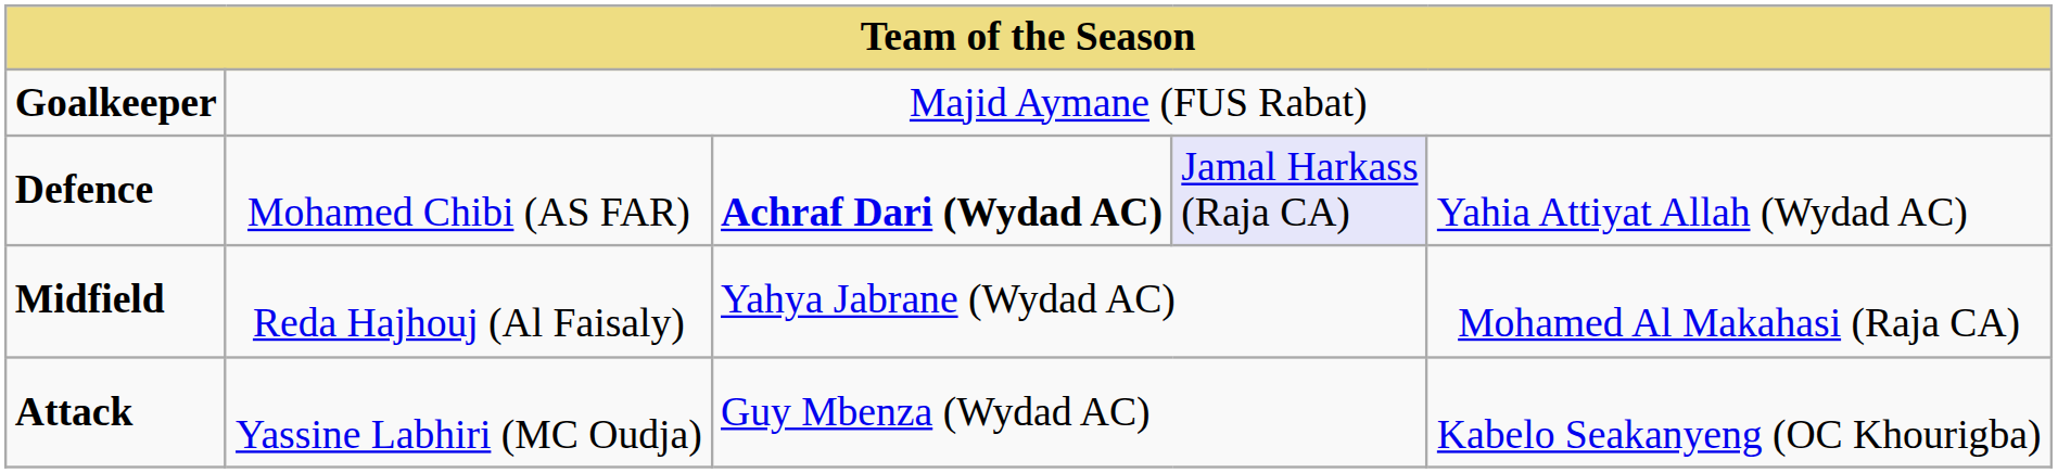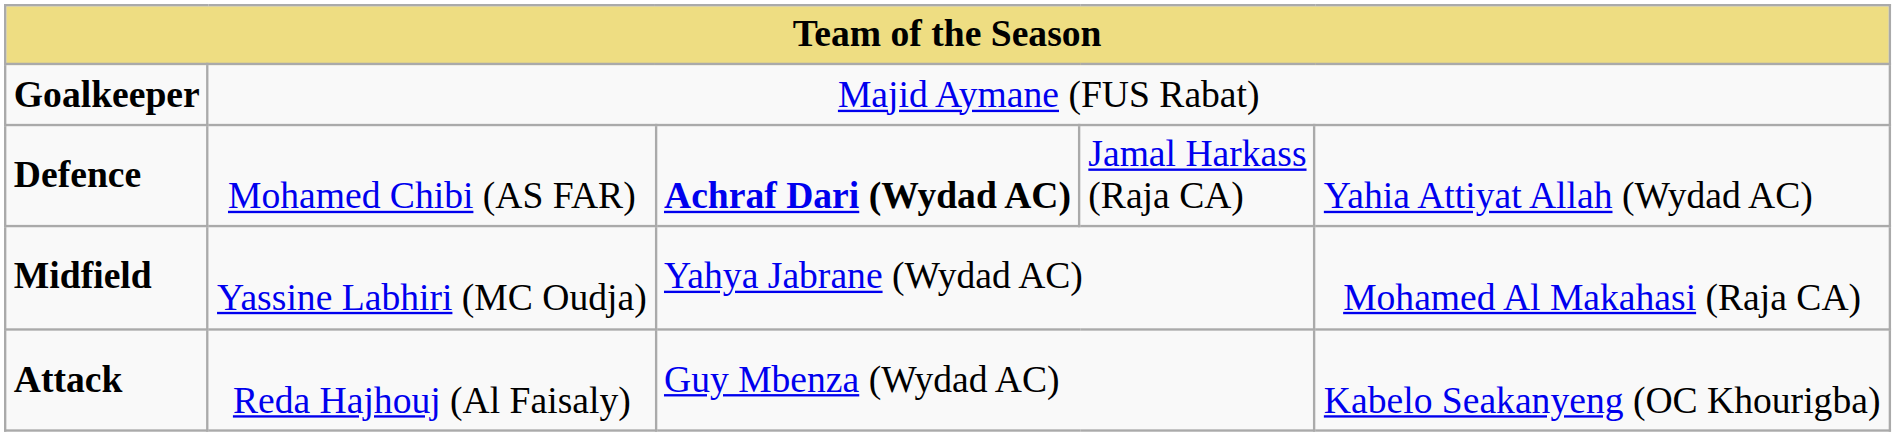 <table class="wikitable">
 <tr>
 <th colspan="5" style="background-color: #eedd82">Team of the Season</th>
 </tr>
 <tr>
 <td><strong>Goalkeeper</strong></td>
 <td colspan="4" align="center"> <a href='#'>Majid Aymane</a> (FUS Rabat)</td>
 </tr>
 <tr>
 <td><strong>Defence</strong></td>
 <td align="center"><br><a href='#'>Mohamed Chibi</a>  (AS FAR)</td>
 <td align="center"><strong><br><a href='#'>Achraf Dari</a>  (Wydad AC)</strong></td>
-<td style="background: lavender;"> <a href='#'>Jamal Harkass</a><br>(Raja CA)</td>
+<td> <a href='#'>Jamal Harkass</a><br>(Raja CA)</td>
 <td><br><a href='#'>Yahia Attiyat Allah</a>  (Wydad AC)</td>
 </tr>
 <tr>
 <td><strong>Midfield</strong></td>
-<td align="center"><br><a href='#'>Reda Hajhouj</a>  (Al Faisaly)</td>
+<td align="center"><br><a href='#'>Yassine Labhiri</a>  (MC Oudja)</td>
 <td colspan="2"> <a href='#'>Yahya Jabrane</a> (Wydad AC)</td>
 <td align="center"><br><a href='#'>Mohamed Al Makahasi</a>  (Raja CA)</td>
 </tr>
 <tr>
 <td><strong>Attack</strong></td>
-<td align="center"><br><a href='#'>Yassine Labhiri</a>  (MC Oudja)</td>
+<td align="center"><br><a href='#'>Reda Hajhouj</a>  (Al Faisaly)</td>
 <td colspan="2"> <a href='#'>Guy Mbenza</a> (Wydad AC)</td>
 <td align="center"><br><a href='#'>Kabelo Seakanyeng</a>  (OC Khourigba)</td>
 </tr>
 </table>
